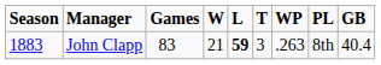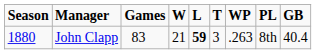 <table class="wikitable" | style="align: left; margin: 0px" |>
 <tr>
 <td><strong>Season</strong></td>
 <td><strong>Manager</strong></td>
 <td><strong>Games</strong></td>
 <td><strong>W</strong></td>
 <td><strong>L</strong></td>
 <td><strong>T</strong></td>
 <td><strong>WP</strong></td>
 <td><strong>PL</strong></td>
 <td><strong>GB</strong></td>
 </tr>
 <tr>
-<td><a href='#'>1883</a></td>
+<td><a href='#'>1880</a></td>
 <td><a href='#'>John Clapp</a></td>
 <td>  83</td>
 <td>21</td>
 <td><strong>59</strong></td>
 <td>3</td>
 <td>.263</td>
 <td>8th</td>
 <td>40.4</td>
 </tr>
 </table>
